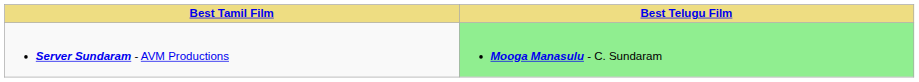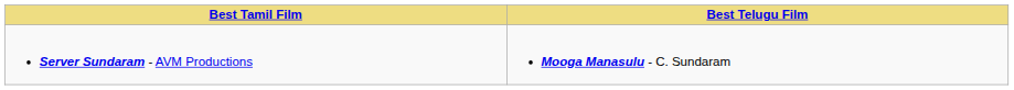 <table class="wikitable" width=100% |>
 <tr>
 <th !  style="background:#eedd82; text-align:center; width:50%;"><a href='#'>Best Tamil Film</a></th>
 <th !  style="background:#eedd82; text-align:center; width:50%;"><a href='#'>Best Telugu Film</a></th>
 </tr>
 <tr>
 <td valign="top"><br><ul><li><strong><em><a href='#'>Server Sundaram</a></em></strong> - <a href='#'>AVM Productions</a></li></ul></td>
-<td valign="top" style="background: lightgreen;"><br><ul><li><strong><em><a href='#'>Mooga Manasulu</a></em></strong> - C. Sundaram</li></ul></td>
+<td valign="top"><br><ul><li><strong><em><a href='#'>Mooga Manasulu</a></em></strong> - C. Sundaram</li></ul></td>
 </tr>
 </table>
